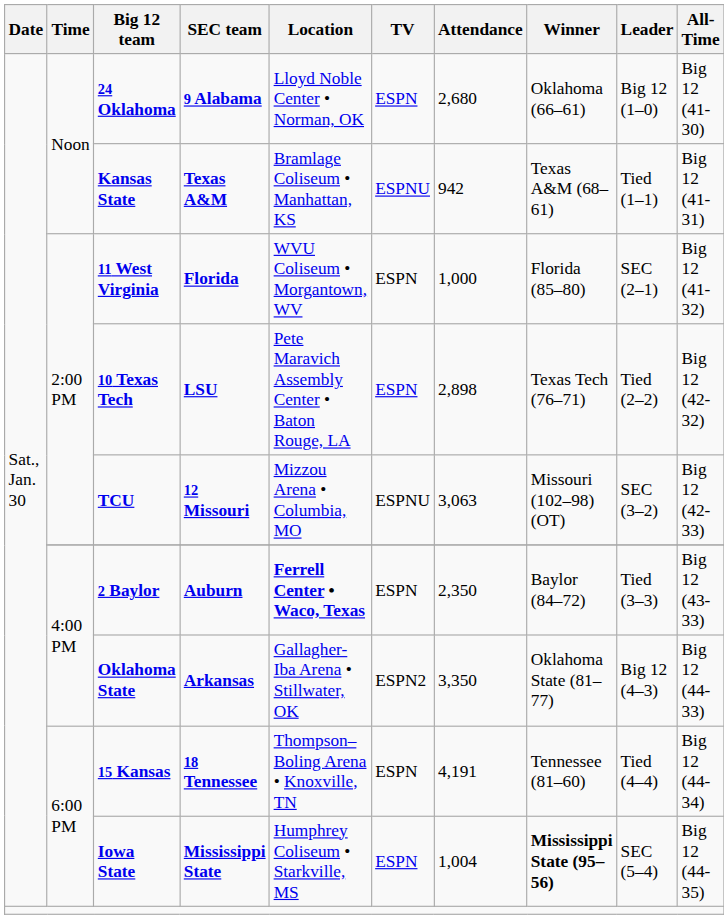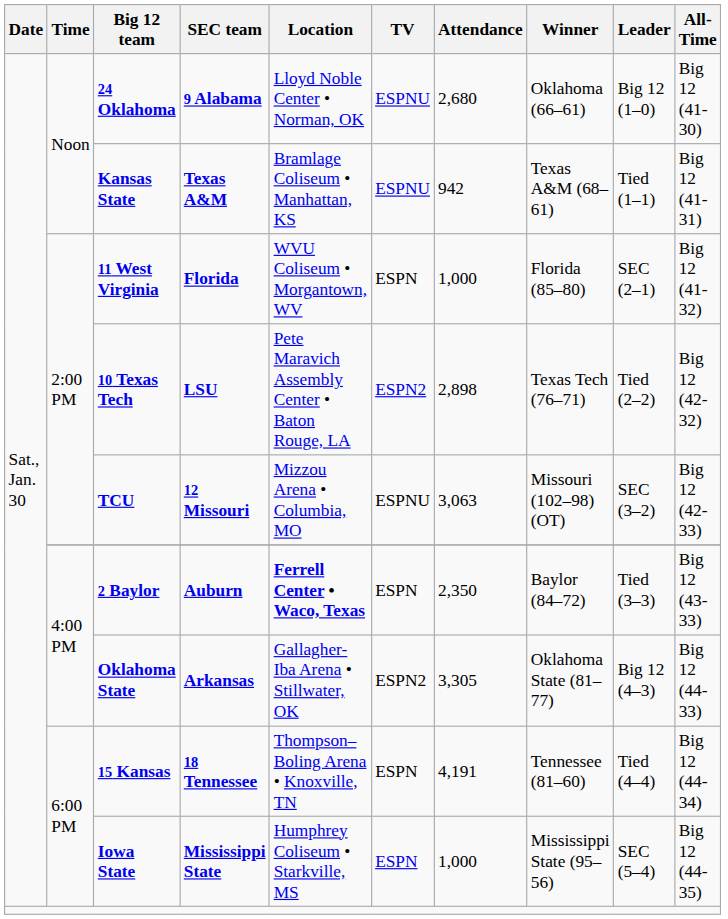 <table class="wikitable" style="font-size: 95%">
 <tr style="text-align:center;">
 <th>Date</th>
 <th>Time</th>
 <th>Big 12 team</th>
 <th>SEC team</th>
 <th>Location</th>
 <th>TV</th>
 <th>Attendance</th>
 <th>Winner</th>
 <th>Leader</th>
 <th>All-Time</th>
 </tr>
 <tr>
 <td rowspan=10>Sat., Jan. 30</td>
 <td rowspan=2>Noon</td>
 <td><strong><a href='#'><span><small>24</small> Oklahoma</span></a></strong></td>
 <td><strong><a href='#'><span><small>9</small> Alabama</span></a></strong></td>
 <td><a href='#'>Lloyd Noble Center</a> • <a href='#'>Norman, OK</a></td>
-<td><a href='#'>ESPN</a></td>
+<td><a href='#'>ESPNU</a></td>
 <td>2,680</td>
 <td>Oklahoma (66–61)</td>
 <td>Big 12 (1–0)</td>
 <td>Big 12 (41-30)</td>
 </tr>
 <tr>
 <td><strong><a href='#'><span>Kansas State</span></a></strong></td>
 <td><strong><a href='#'><span>Texas A&M</span></a></strong></td>
 <td><a href='#'>Bramlage Coliseum</a> • <a href='#'>Manhattan, KS</a></td>
 <td><a href='#'>ESPNU</a></td>
 <td>942</td>
 <td>Texas A&M (68–61)</td>
 <td>Tied (1–1)</td>
 <td>Big 12 (41-31)</td>
 </tr>
 <tr>
 <td rowspan=3>2:00 PM</td>
 <td><strong><a href='#'><span><small>11</small> West Virginia</span></a></strong></td>
 <td><strong><a href='#'><span>Florida</span></a></strong></td>
 <td><a href='#'>WVU Coliseum</a> • <a href='#'>Morgantown, WV</a></td>
 <td>ESPN</td>
 <td>1,000</td>
 <td>Florida (85–80)</td>
 <td>SEC (2–1)</td>
 <td>Big 12 (41-32)</td>
 </tr>
 <tr>
 <td><strong><a href='#'><span><small>10</small> Texas Tech</span></a></strong></td>
 <td><strong><a href='#'><span>LSU</span></a></strong></td>
 <td><a href='#'>Pete Maravich Assembly Center</a> • <a href='#'>Baton Rouge, LA</a></td>
-<td><a href='#'>ESPN</a></td>
+<td><a href='#'>ESPN2</a></td>
 <td>2,898</td>
 <td>Texas Tech (76–71)</td>
 <td>Tied (2–2)</td>
 <td>Big 12 (42-32)</td>
 </tr>
 <tr>
 <td><strong><a href='#'><span>TCU</span></a></strong></td>
 <td><strong><a href='#'><span><small>12</small> Missouri</span></a></strong></td>
 <td><a href='#'>Mizzou Arena</a> • <a href='#'>Columbia, MO</a></td>
 <td>ESPNU</td>
 <td>3,063</td>
 <td>Missouri (102–98) (OT)</td>
 <td>SEC (3–2)</td>
 <td>Big 12 (42-33)</td>
 </tr>
 <tr>
 </tr>
 <tr>
 <td rowspan=2>4:00 PM</td>
 <td><strong><a href='#'><span><small>2</small> Baylor</span></a></strong></td>
 <td><strong><a href='#'><span>Auburn</span></a></strong></td>
 <td><strong><a href='#'>Ferrell Center</a> • <a href='#'>Waco, Texas</a></strong></td>
 <td>ESPN</td>
 <td>2,350</td>
 <td>Baylor (84–72)</td>
 <td>Tied (3–3)</td>
 <td>Big 12 (43-33)</td>
 </tr>
 <tr>
 <td><strong><a href='#'><span>Oklahoma State</span></a></strong></td>
 <td><strong><a href='#'><span>Arkansas</span></a></strong></td>
 <td><a href='#'>Gallagher-Iba Arena</a> • <a href='#'>Stillwater, OK</a></td>
 <td>ESPN2</td>
-<td>3,350</td>
+<td>3,305</td>
 <td>Oklahoma State (81–77)</td>
 <td>Big 12 (4–3)</td>
 <td>Big 12 (44-33)</td>
 </tr>
 <tr>
 <td rowspan=2>6:00 PM</td>
 <td><strong><a href='#'><span><small>15</small> Kansas</span></a></strong></td>
 <td><strong><a href='#'><span><small>18</small> Tennessee</span></a></strong></td>
 <td><a href='#'>Thompson–Boling Arena</a> • <a href='#'>Knoxville, TN</a></td>
 <td>ESPN</td>
 <td>4,191</td>
 <td>Tennessee (81–60)</td>
 <td>Tied (4–4)</td>
 <td>Big 12 (44-34)</td>
 </tr>
 <tr>
 <td><strong><a href='#'><span>Iowa State</span></a></strong></td>
 <td><strong><a href='#'><span>Mississippi State</span></a></strong></td>
 <td><a href='#'>Humphrey Coliseum</a> • <a href='#'>Starkville, MS</a></td>
 <td><a href='#'>ESPN</a></td>
-<td>1,004</td>
-<td><strong>Mississippi State (95–56)</strong></td>
+<td>1,000</td>
+<td>Mississippi State (95–56)</td>
 <td>SEC (5–4)</td>
 <td>Big 12 (44-35)</td>
 </tr>
 <tr>
 <td colspan="10"></td>
 </tr>
 </table>
